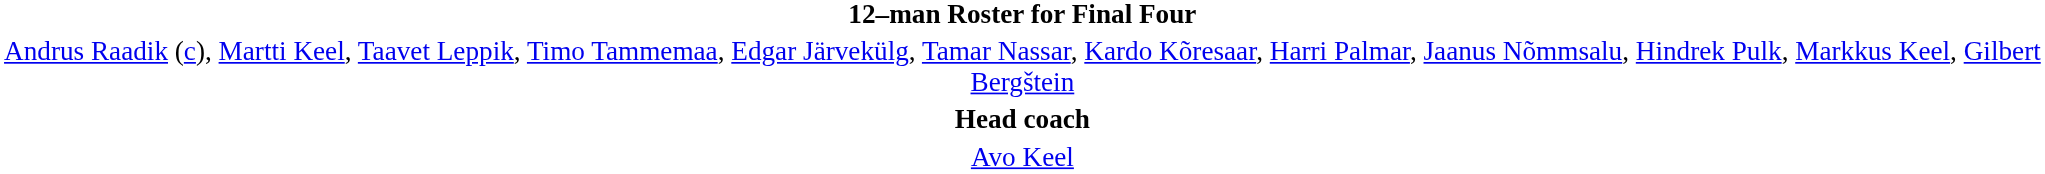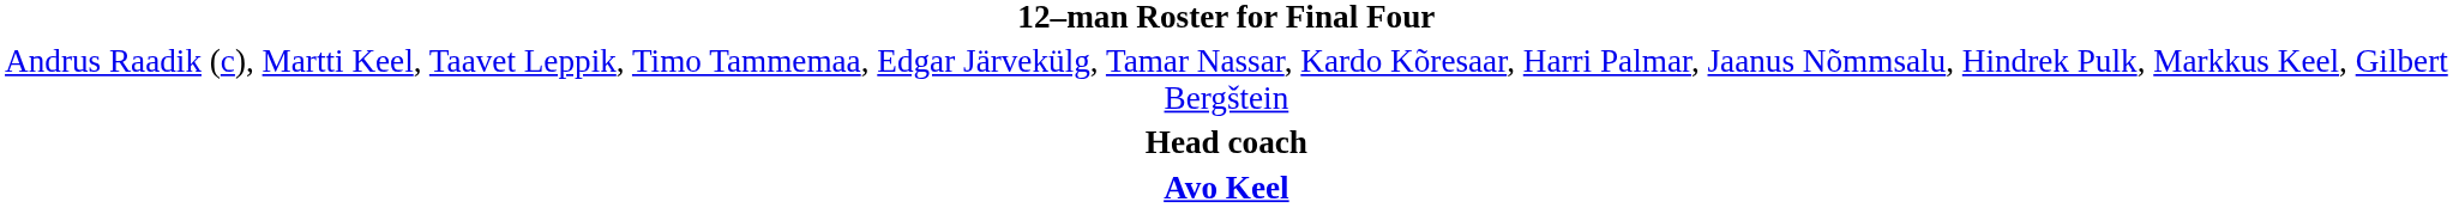 <table style="text-align: center; margin-top: 2em; margin-left: auto; margin-right: auto">
 <tr>
 <td><strong>12–man Roster for Final Four</strong></td>
 </tr>
 <tr>
 <td><a href='#'>Andrus Raadik</a> (<a href='#'>c</a>), <a href='#'>Martti Keel</a>, <a href='#'>Taavet Leppik</a>, <a href='#'>Timo Tammemaa</a>, <a href='#'>Edgar Järvekülg</a>, <a href='#'>Tamar Nassar</a>, <a href='#'>Kardo Kõresaar</a>, <a href='#'>Harri Palmar</a>, <a href='#'>Jaanus Nõmmsalu</a>, <a href='#'>Hindrek Pulk</a>, <a href='#'>Markkus Keel</a>, <a href='#'>Gilbert Bergštein</a></td>
 </tr>
 <tr>
 <td><strong>Head coach</strong></td>
 </tr>
 <tr>
-<td><a href='#'>Avo Keel</a></td>
+<td><strong><a href='#'>Avo Keel</a></strong></td>
 </tr>
 </table>
